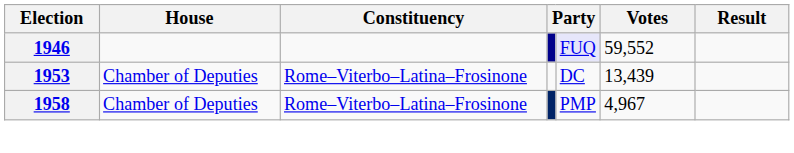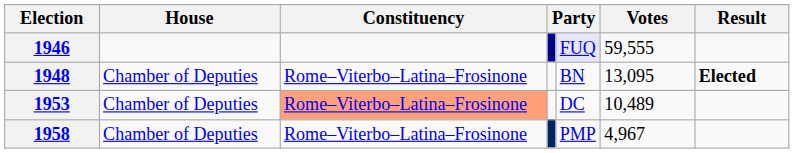 <table class=wikitable style="width:55%; border:1px #AAAAFF solid">
 <tr>
 <th width=12%>Election</th>
 <th width=23%>House</th>
 <th width=34%>Constituency</th>
 <th width=5% colspan="2">Party</th>
 <th width=12%>Votes</th>
 <th width=12%>Result</th>
 </tr>
 <tr>
 <th><a href='#'>1946</a></th>
 <td></td>
 <td></td>
 <td bgcolor="#00008B"></td>
 <td style="background: lavender;"><a href='#'>FUQ</a></td>
-<td>59,552</td>
+<td>59,555</td>
 <td></td>
+</tr>
+<tr>
+<th><a href='#'>1948</a></th>
+<td><a href='#'>Chamber of Deputies</a></td>
+<td><a href='#'>Rome–Viterbo–Latina–Frosinone</a></td>
+<td></td>
+<td><a href='#'>BN</a></td>
+<td>13,095</td>
+<td> <strong>Elected</strong></td>
 </tr>
 <tr>
 <th><a href='#'>1953</a></th>
 <td><a href='#'>Chamber of Deputies</a></td>
-<td><a href='#'>Rome–Viterbo–Latina–Frosinone</a></td>
+<td style="background: lightsalmon;"><a href='#'>Rome–Viterbo–Latina–Frosinone</a></td>
 <td></td>
 <td><a href='#'>DC</a></td>
-<td>13,439</td>
+<td>10,489</td>
 <td></td>
 </tr>
 <tr>
 <th><a href='#'>1958</a></th>
 <td><a href='#'>Chamber of Deputies</a></td>
 <td><a href='#'>Rome–Viterbo–Latina–Frosinone</a></td>
 <td bgcolor="#002366"></td>
 <td><a href='#'>PMP</a></td>
 <td>4,967</td>
 <td></td>
 </tr>
 </table>
